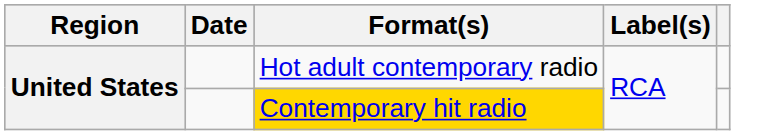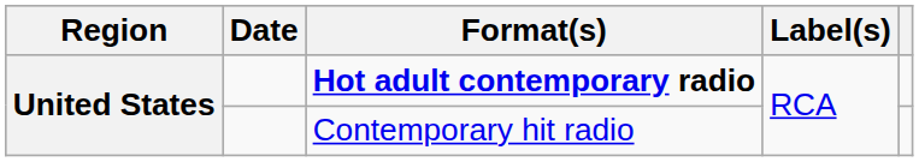 <table class="wikitable plainrowheaders">
 <tr>
 <th scope="col">Region</th>
 <th scope="col">Date</th>
 <th scope="col">Format(s)</th>
 <th scope="col">Label(s)</th>
 <th scope="col"></th>
 </tr>
 <tr>
 <th scope="row" rowspan="2">United States</th>
 <td></td>
-<td><a href='#'>Hot adult contemporary</a> radio</td>
+<td><strong><a href='#'>Hot adult contemporary</a> radio</strong></td>
 <td rowspan="2"><a href='#'>RCA</a></td>
 <td></td>
 </tr>
 <tr>
 <td></td>
-<td style="background: gold;"><a href='#'>Contemporary hit radio</a></td>
+<td><a href='#'>Contemporary hit radio</a></td>
 <td></td>
 </tr>
 </table>
